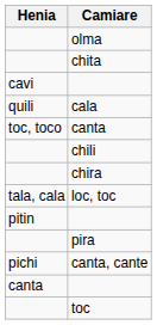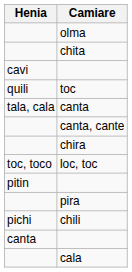 <table class="wikitable">
 <tr>
 <th>Henia</th>
 <th>Camiare</th>
 </tr>
 <tr>
 <td></td>
 <td>olma</td>
 </tr>
 <tr>
 <td></td>
 <td>chita</td>
 </tr>
 <tr>
 <td>cavi</td>
 <td></td>
 </tr>
 <tr>
 <td>quili</td>
-<td>cala</td>
+<td>toc</td>
 </tr>
 <tr>
-<td>toc, toco</td>
+<td>tala, cala</td>
 <td>canta</td>
 </tr>
 <tr>
 <td></td>
-<td>chili</td>
+<td>canta, cante</td>
 </tr>
 <tr>
 <td></td>
 <td>chira</td>
 </tr>
 <tr>
-<td>tala, cala</td>
+<td>toc, toco</td>
 <td>loc, toc</td>
 </tr>
 <tr>
 <td>pitin</td>
 <td></td>
 </tr>
 <tr>
 <td></td>
 <td>pira</td>
 </tr>
 <tr>
 <td>pichi</td>
-<td>canta, cante</td>
+<td>chili</td>
 </tr>
 <tr>
 <td>canta</td>
 <td></td>
 </tr>
 <tr>
 <td></td>
-<td>toc</td>
+<td>cala</td>
 </tr>
 </table>
